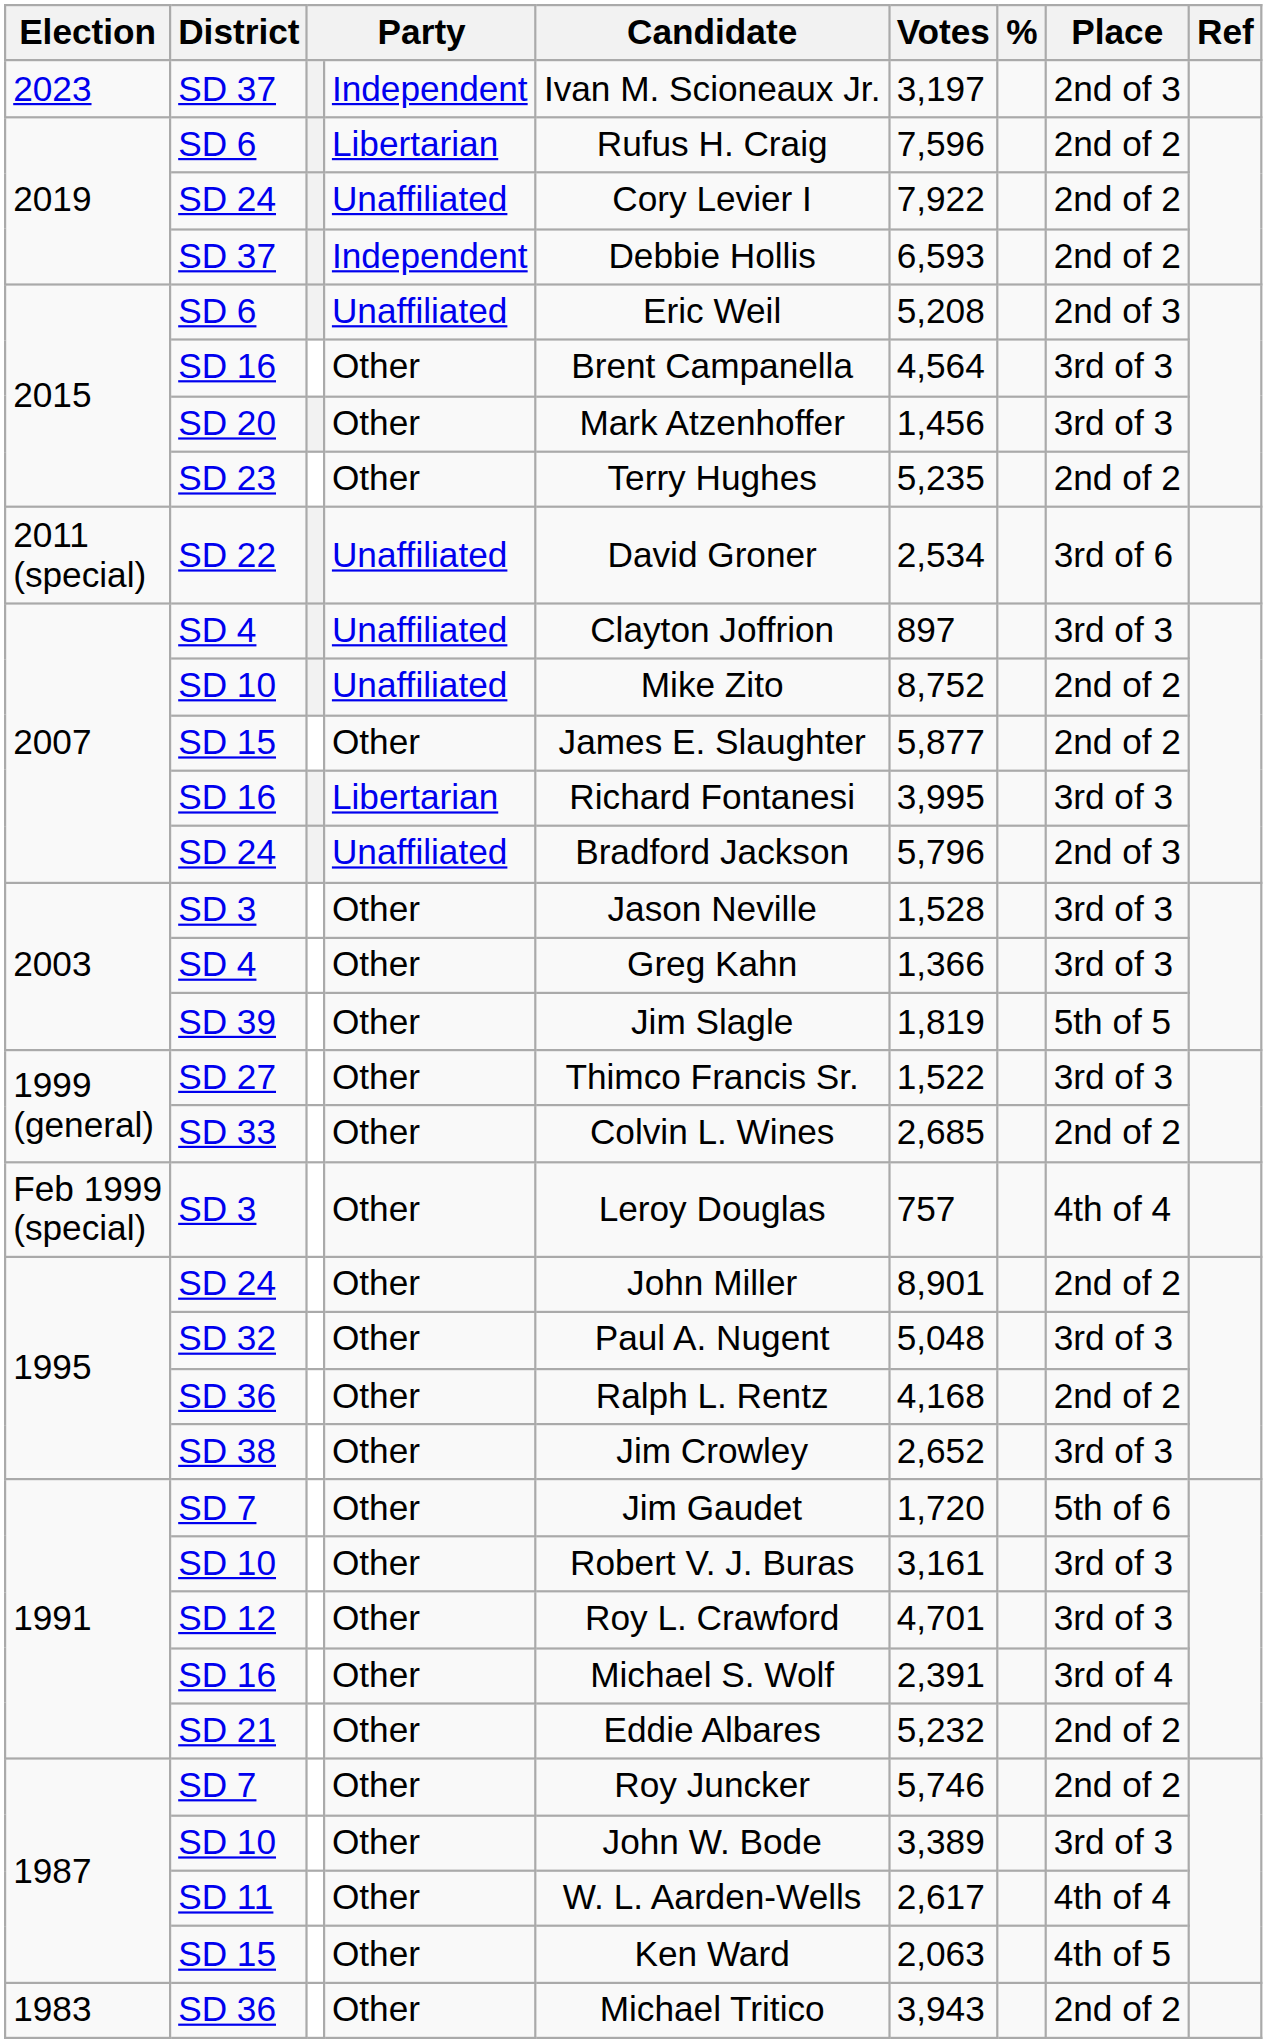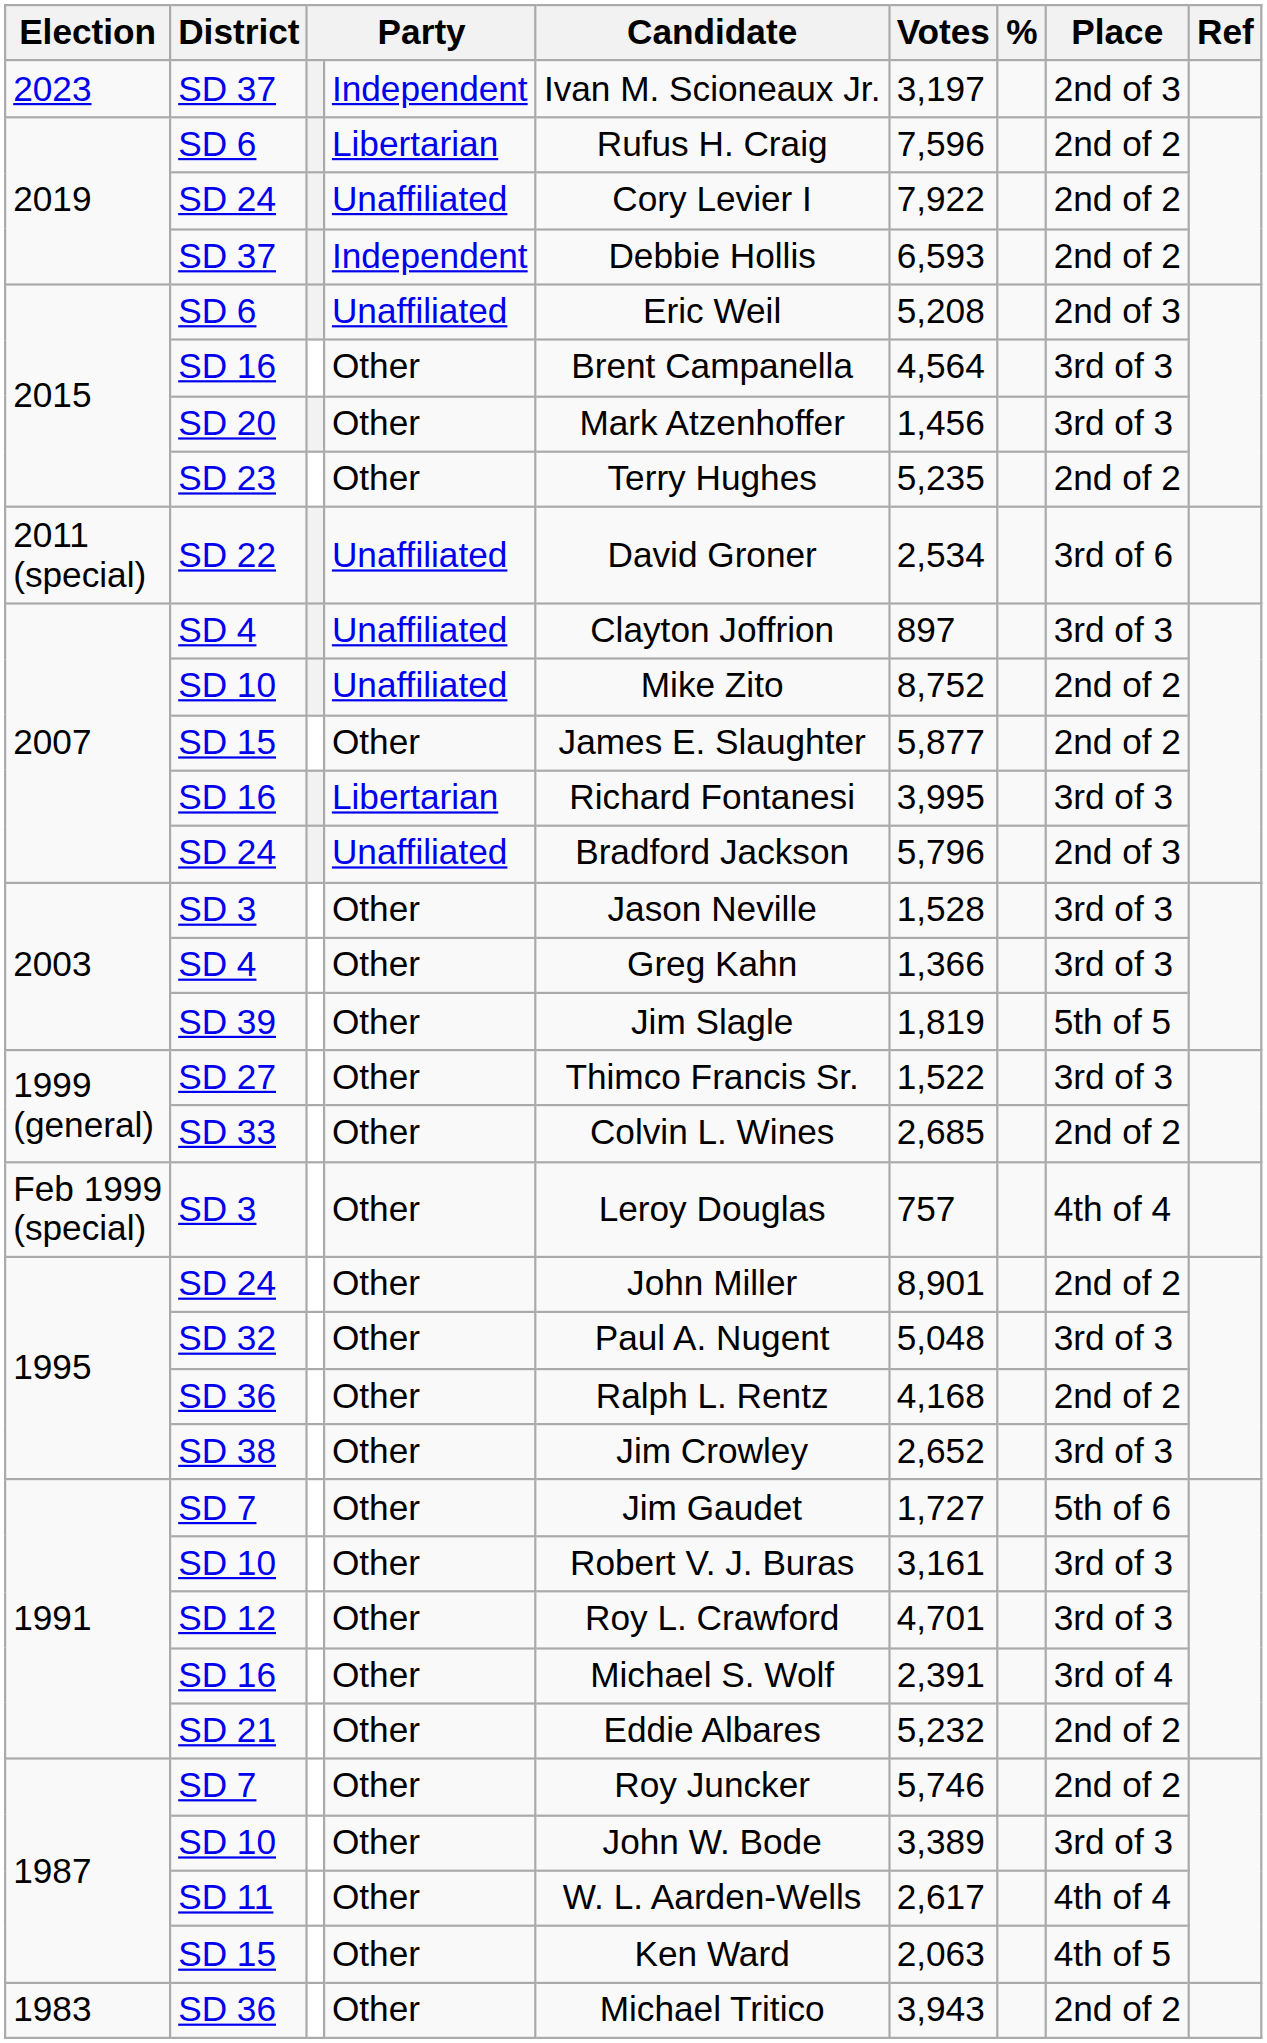 <table class="wikitable sortable">
 <tr>
 <th>Election</th>
 <th>District</th>
 <th colspan=2>Party</th>
 <th>Candidate</th>
 <th>Votes</th>
 <th>%</th>
 <th>Place</th>
 <th>Ref</th>
 </tr>
 <tr>
 <td><a href='#'>2023</a></td>
 <td><a href='#'>SD 37</a></td>
 <th style="background-color:"></th>
 <td><a href='#'>Independent</a></td>
 <td align="center">Ivan M. Scioneaux Jr.</td>
 <td>3,197</td>
 <td></td>
 <td>2nd of 3</td>
 <td></td>
 </tr>
 <tr>
 <td rowspan=3>2019</td>
 <td><a href='#'>SD 6</a></td>
 <th style="background-color:"></th>
 <td><a href='#'>Libertarian</a></td>
 <td align="center">Rufus H. Craig</td>
 <td>7,596</td>
 <td></td>
 <td>2nd of 2</td>
 <td rowspan=3></td>
 </tr>
 <tr>
 <td><a href='#'>SD 24</a></td>
 <th style="background-color:"></th>
 <td><a href='#'>Unaffiliated</a></td>
 <td align="center">Cory Levier I</td>
 <td>7,922</td>
 <td></td>
 <td>2nd of 2</td>
 </tr>
 <tr>
 <td><a href='#'>SD 37</a></td>
 <th style="background-color:"></th>
 <td><a href='#'>Independent</a></td>
 <td align="center">Debbie Hollis</td>
 <td>6,593</td>
 <td></td>
 <td>2nd of 2</td>
 </tr>
 <tr>
 <td rowspan=4>2015</td>
 <td><a href='#'>SD 6</a></td>
 <th style="background-color:"></th>
 <td><a href='#'>Unaffiliated</a></td>
 <td align="center">Eric Weil</td>
 <td>5,208</td>
 <td></td>
 <td>2nd of 3</td>
 <td rowspan=4></td>
 </tr>
 <tr>
 <td><a href='#'>SD 16</a></td>
 <th style="background-color:#ffffff"></th>
 <td>Other</td>
 <td align="center">Brent Campanella</td>
 <td>4,564</td>
 <td></td>
 <td>3rd of 3</td>
 </tr>
 <tr>
 <td><a href='#'>SD 20</a></td>
 <th style="background-color:"></th>
 <td>Other</td>
 <td align="center">Mark Atzenhoffer</td>
 <td>1,456</td>
 <td></td>
 <td>3rd of 3</td>
 </tr>
 <tr>
 <td><a href='#'>SD 23</a></td>
 <th style="background-color:#ffffff"></th>
 <td>Other</td>
 <td align="center">Terry Hughes</td>
 <td>5,235</td>
 <td></td>
 <td>2nd of 2</td>
 </tr>
 <tr>
 <td>2011<br>(special)</td>
 <td><a href='#'>SD 22</a></td>
 <th style="background-color:"></th>
 <td><a href='#'>Unaffiliated</a></td>
 <td align="center">David Groner</td>
 <td>2,534</td>
 <td></td>
 <td>3rd of 6</td>
 <td></td>
 </tr>
 <tr>
 <td rowspan=5>2007</td>
 <td><a href='#'>SD 4</a></td>
 <th style="background-color:"></th>
 <td><a href='#'>Unaffiliated</a></td>
 <td align="center">Clayton Joffrion</td>
 <td>897</td>
 <td></td>
 <td>3rd of 3</td>
 <td rowspan=5></td>
 </tr>
 <tr>
 <td><a href='#'>SD 10</a></td>
 <th style="background-color:"></th>
 <td><a href='#'>Unaffiliated</a></td>
 <td align="center">Mike Zito</td>
 <td>8,752</td>
 <td></td>
 <td>2nd of 2</td>
 </tr>
 <tr>
 <td><a href='#'>SD 15</a></td>
 <th style="background-color:#ffffff"></th>
 <td>Other</td>
 <td align="center">James E. Slaughter</td>
 <td>5,877</td>
 <td></td>
 <td>2nd of 2</td>
 </tr>
 <tr>
 <td><a href='#'>SD 16</a></td>
 <th style="background-color:"></th>
 <td><a href='#'>Libertarian</a></td>
 <td align="center">Richard Fontanesi</td>
 <td>3,995</td>
 <td></td>
 <td>3rd of 3</td>
 </tr>
 <tr>
 <td><a href='#'>SD 24</a></td>
 <th style="background-color:"></th>
 <td><a href='#'>Unaffiliated</a></td>
 <td align="center">Bradford Jackson</td>
 <td>5,796</td>
 <td></td>
 <td>2nd of 3</td>
 </tr>
 <tr>
 <td rowspan=3>2003</td>
 <td><a href='#'>SD 3</a></td>
 <th style="background-color:#ffffff"></th>
 <td>Other</td>
 <td align="center">Jason Neville</td>
 <td>1,528</td>
 <td></td>
 <td>3rd of 3</td>
 <td rowspan=3></td>
 </tr>
 <tr>
 <td><a href='#'>SD 4</a></td>
 <th style="background-color:#ffffff"></th>
 <td>Other</td>
 <td align="center">Greg Kahn</td>
 <td>1,366</td>
 <td></td>
 <td>3rd of 3</td>
 </tr>
 <tr>
 <td><a href='#'>SD 39</a></td>
 <th style="background-color:#ffffff"></th>
 <td>Other</td>
 <td align="center">Jim Slagle</td>
 <td>1,819</td>
 <td></td>
 <td>5th of 5</td>
 </tr>
 <tr>
 <td rowspan=2>1999<br>(general)</td>
 <td><a href='#'>SD 27</a></td>
 <th style="background-color:#ffffff"></th>
 <td>Other</td>
 <td align="center">Thimco Francis Sr.</td>
 <td>1,522</td>
 <td></td>
 <td>3rd of 3</td>
 <td rowspan=2></td>
 </tr>
 <tr>
 <td><a href='#'>SD 33</a></td>
 <th style="background-color:#ffffff"></th>
 <td>Other</td>
 <td align="center">Colvin L. Wines</td>
 <td>2,685</td>
 <td></td>
 <td>2nd of 2</td>
 </tr>
 <tr>
 <td>Feb 1999<br>(special)</td>
 <td><a href='#'>SD 3</a></td>
 <th style="background-color:#ffffff"></th>
 <td>Other</td>
 <td align="center">Leroy Douglas</td>
 <td>757</td>
 <td></td>
 <td>4th of 4</td>
 <td></td>
 </tr>
 <tr>
 <td rowspan=4>1995</td>
 <td><a href='#'>SD 24</a></td>
 <th style="background-color:#ffffff"></th>
 <td>Other</td>
 <td align="center">John Miller</td>
 <td>8,901</td>
 <td></td>
 <td>2nd of 2</td>
 <td rowspan=4></td>
 </tr>
 <tr>
 <td><a href='#'>SD 32</a></td>
 <th style="background-color:#ffffff"></th>
 <td>Other</td>
 <td align="center">Paul A. Nugent</td>
 <td>5,048</td>
 <td></td>
 <td>3rd of 3</td>
 </tr>
 <tr>
 <td><a href='#'>SD 36</a></td>
 <th style="background-color:#ffffff"></th>
 <td>Other</td>
 <td align="center">Ralph L. Rentz</td>
 <td>4,168</td>
 <td></td>
 <td>2nd of 2</td>
 </tr>
 <tr>
 <td><a href='#'>SD 38</a></td>
 <th style="background-color:#ffffff"></th>
 <td>Other</td>
 <td align="center">Jim Crowley</td>
 <td>2,652</td>
 <td></td>
 <td>3rd of 3</td>
 </tr>
 <tr>
 <td rowspan=5>1991</td>
 <td><a href='#'>SD 7</a></td>
 <th style="background-color:#ffffff"></th>
 <td>Other</td>
 <td align="center">Jim Gaudet</td>
-<td>1,720</td>
+<td>1,727</td>
 <td></td>
 <td>5th of 6</td>
 <td rowspan=5></td>
 </tr>
 <tr>
 <td><a href='#'>SD 10</a></td>
 <th style="background-color:#ffffff"></th>
 <td>Other</td>
 <td align="center">Robert V. J. Buras</td>
 <td>3,161</td>
 <td></td>
 <td>3rd of 3</td>
 </tr>
 <tr>
 <td><a href='#'>SD 12</a></td>
 <th style="background-color:#ffffff"></th>
 <td>Other</td>
 <td align="center">Roy L. Crawford</td>
 <td>4,701</td>
 <td></td>
 <td>3rd of 3</td>
 </tr>
 <tr>
 <td><a href='#'>SD 16</a></td>
 <th style="background-color:#ffffff"></th>
 <td>Other</td>
 <td align="center">Michael S. Wolf</td>
 <td>2,391</td>
 <td></td>
 <td>3rd of 4</td>
 </tr>
 <tr>
 <td><a href='#'>SD 21</a></td>
 <th style="background-color:#ffffff"></th>
 <td>Other</td>
 <td align="center">Eddie Albares</td>
 <td>5,232</td>
 <td></td>
 <td>2nd of 2</td>
 </tr>
 <tr>
 <td rowspan=4>1987</td>
 <td><a href='#'>SD 7</a></td>
 <th style="background-color:#ffffff"></th>
 <td>Other</td>
 <td align="center">Roy Juncker</td>
 <td>5,746</td>
 <td></td>
 <td>2nd of 2</td>
 <td rowspan=4></td>
 </tr>
 <tr>
 <td><a href='#'>SD 10</a></td>
 <th style="background-color:#ffffff"></th>
 <td>Other</td>
 <td align="center">John W. Bode</td>
 <td>3,389</td>
 <td></td>
 <td>3rd of 3</td>
 </tr>
 <tr>
 <td><a href='#'>SD 11</a></td>
 <th style="background-color:#ffffff"></th>
 <td>Other</td>
 <td align="center">W. L. Aarden-Wells</td>
 <td>2,617</td>
 <td></td>
 <td>4th of 4</td>
 </tr>
 <tr>
 <td><a href='#'>SD 15</a></td>
 <th style="background-color:#ffffff"></th>
 <td>Other</td>
 <td align="center">Ken Ward</td>
 <td>2,063</td>
 <td></td>
 <td>4th of 5</td>
 </tr>
 <tr>
 <td>1983</td>
 <td><a href='#'>SD 36</a></td>
 <th style="background-color:#ffffff"></th>
 <td>Other</td>
 <td align="center">Michael Tritico</td>
 <td>3,943</td>
 <td></td>
 <td>2nd of 2</td>
 <td></td>
 </tr>
 </table>
